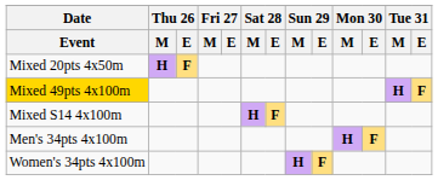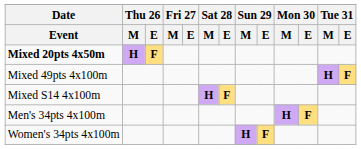 <table class="wikitable" style="margin:0.5em auto; font-size:90%; line-height:1.25em;">
 <tr align="center">
 </tr>
 <tr>
 <th>Date</th>
 <th colspan="2">Thu 26</th>
 <th colspan="2">Fri 27</th>
 <th colspan="2">Sat 28</th>
 <th colspan="2">Sun 29</th>
 <th colspan="2">Mon 30</th>
 <th colspan="2">Tue 31</th>
 </tr>
 <tr>
 <th>Event</th>
 <th>M</th>
 <th>E</th>
 <th>M</th>
 <th>E</th>
 <th>M</th>
 <th>E</th>
 <th>M</th>
 <th>E</th>
 <th>M</th>
 <th>E</th>
 <th>M</th>
 <th>E</th>
 </tr>
 <tr align="center">
-<td align="left">Mixed 20pts 4x50m</td>
+<td align="left"><strong>Mixed 20pts 4x50m</strong></td>
 <td bgcolor="#D0A9F5"><strong>H</strong></td>
 <td bgcolor="#FFDF80"><strong>F</strong></td>
 <td colspan="2"></td>
 <td colspan="2"></td>
 <td colspan="2"></td>
 <td colspan="2"></td>
 <td colspan="2"></td>
 </tr>
 <tr align="center">
-<td align="left" style="background: gold;">Mixed 49pts 4x100m</td>
+<td align="left">Mixed 49pts 4x100m</td>
 <td colspan="2"></td>
 <td colspan="2"></td>
 <td colspan="2"></td>
 <td colspan="2"></td>
 <td colspan="2"></td>
 <td bgcolor="#D0A9F5"><strong>H</strong></td>
 <td bgcolor="#FFDF80"><strong>F</strong></td>
 </tr>
 <tr align="center">
 <td align="left">Mixed S14 4x100m</td>
 <td colspan="2"></td>
 <td colspan="2"></td>
 <td bgcolor="#D0A9F5"><strong>H</strong></td>
 <td bgcolor="#FFDF80"><strong>F</strong></td>
 <td colspan="2"></td>
 <td colspan="2"></td>
 <td colspan="2"></td>
 </tr>
 <tr align="center">
 <td align="left">Men's 34pts 4x100m</td>
 <td colspan="2"></td>
 <td colspan="2"></td>
 <td colspan="2"></td>
 <td colspan="2"></td>
 <td bgcolor="#D0A9F5"><strong>H</strong></td>
 <td bgcolor="#FFDF80"><strong>F</strong></td>
 <td colspan="2"></td>
 </tr>
 <tr align="center">
 <td align="left">Women's 34pts 4x100m</td>
 <td colspan="2"></td>
 <td colspan="2"></td>
 <td colspan="2"></td>
 <td bgcolor="#D0A9F5"><strong>H</strong></td>
 <td bgcolor="#FFDF80"><strong>F</strong></td>
 <td colspan="2"></td>
 <td colspan="2"></td>
 </tr>
 </table>
